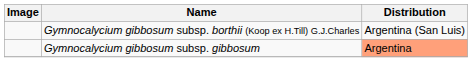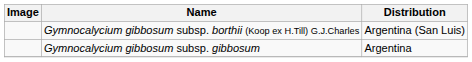 <table class="wikitable">
 <tr>
 <th>Image</th>
 <th>Name</th>
 <th>Distribution</th>
 </tr>
 <tr>
 <td></td>
 <td><em>Gymnocalycium gibbosum</em> subsp. <em>borthii</em> <small> (Koop ex H.Till) G.J.Charles</small></td>
 <td>Argentina (San Luis)</td>
 </tr>
 <tr>
 <td></td>
 <td><em>Gymnocalycium gibbosum</em> subsp. <em>gibbosum</em></td>
-<td style="background: lightsalmon;">Argentina</td>
+<td>Argentina</td>
 </tr>
 <tr>
 </tr>
 </table>
